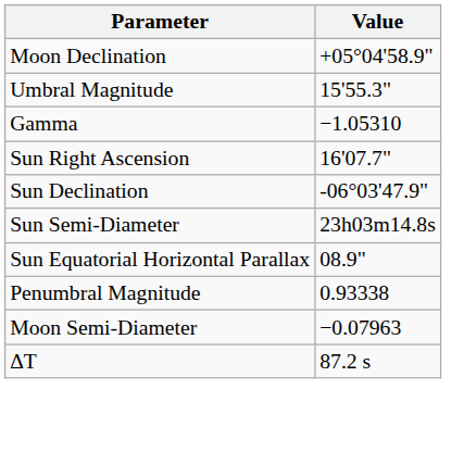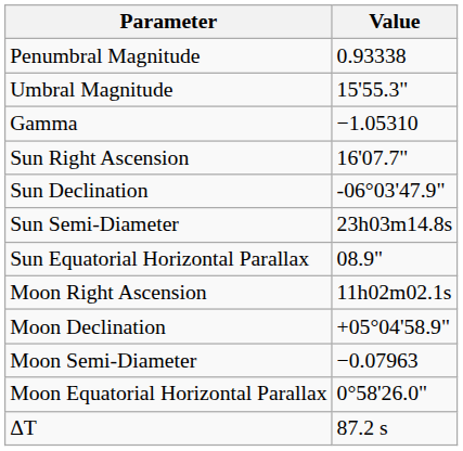 <table class="wikitable">
 <tr>
 <th>Parameter</th>
 <th>Value</th>
 </tr>
 <tr>
-<td>Moon Declination</td>
-<td>+05°04'58.9"</td>
+<td>Penumbral Magnitude</td>
+<td>0.93338</td>
 </tr>
 <tr>
 <td>Umbral Magnitude</td>
 <td>15'55.3"</td>
 </tr>
 <tr>
 <td>Gamma</td>
 <td>−1.05310</td>
 </tr>
 <tr>
 <td>Sun Right Ascension</td>
 <td>16'07.7"</td>
 </tr>
 <tr>
 <td>Sun Declination</td>
 <td>-06°03'47.9"</td>
 </tr>
 <tr>
 <td>Sun Semi-Diameter</td>
 <td>23h03m14.8s</td>
 </tr>
 <tr>
 <td>Sun Equatorial Horizontal Parallax</td>
 <td>08.9"</td>
 </tr>
 <tr>
-<td>Penumbral Magnitude</td>
-<td>0.93338</td>
+<td>Moon Right Ascension</td>
+<td>11h02m02.1s</td>
+</tr>
+<tr>
+<td>Moon Declination</td>
+<td>+05°04'58.9"</td>
 </tr>
 <tr>
 <td>Moon Semi-Diameter</td>
 <td>−0.07963</td>
 </tr>
 <tr>
+<td>Moon Equatorial Horizontal Parallax</td>
+<td>0°58'26.0"</td>
+</tr>
+<tr>
 <td>ΔT</td>
 <td>87.2 s</td>
 </tr>
 </table>
